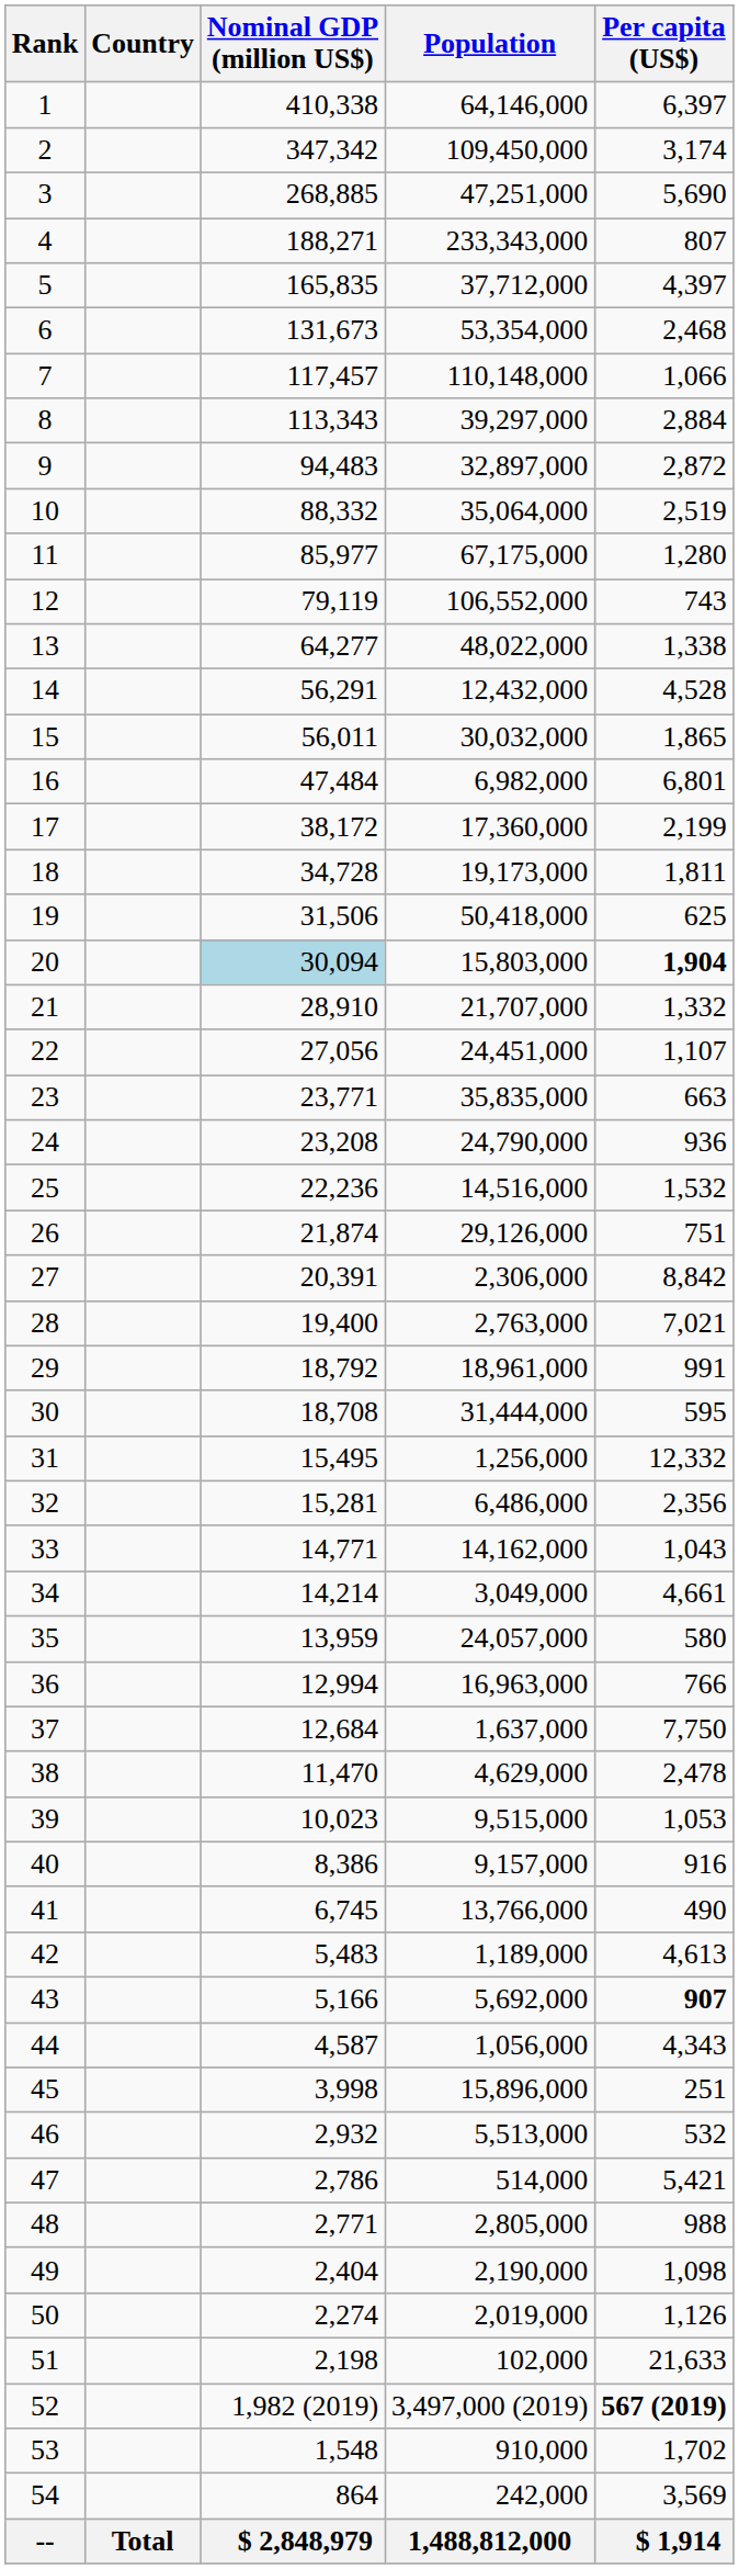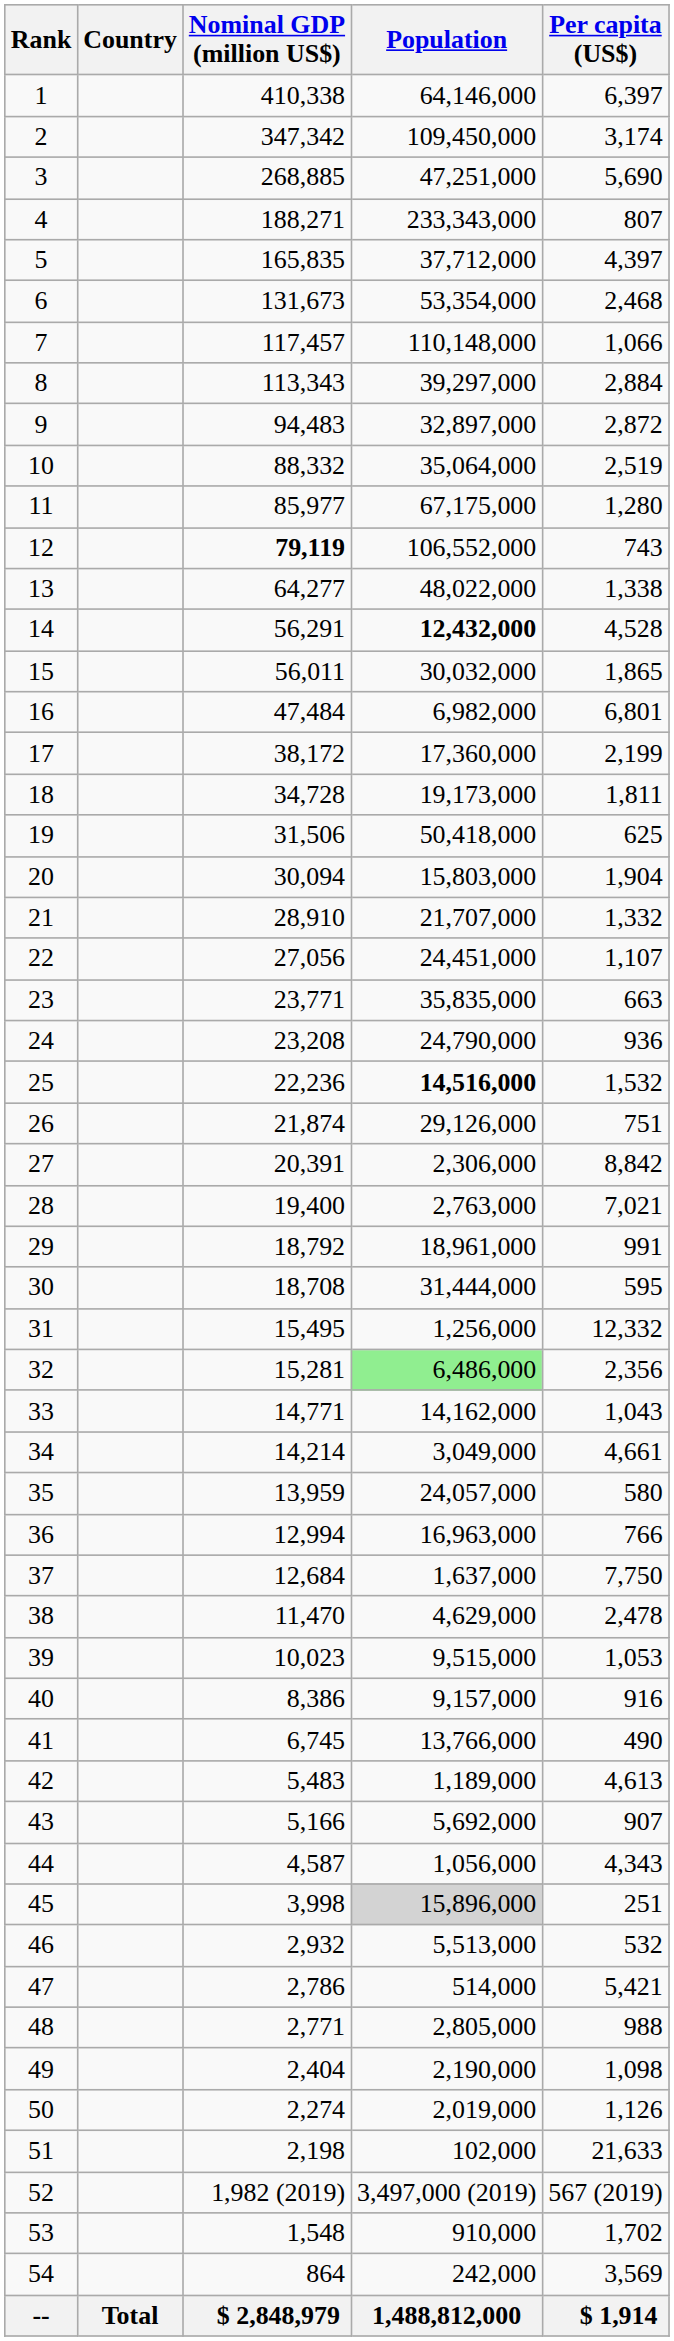 <table class="wikitable sortable" style="text-align:right;">
 <tr>
 <th>Rank</th>
 <th>Country</th>
 <th><a href='#'>Nominal GDP</a><br>(million US$)</th>
 <th><a href='#'>Population</a></th>
 <th><a href='#'>Per capita</a><br>(US$)</th>
 </tr>
 <tr>
 <td align="center">1</td>
 <td align="left"></td>
 <td>410,338</td>
 <td>64,146,000</td>
 <td>6,397</td>
 </tr>
 <tr>
 <td align="center">2</td>
 <td align="left"></td>
 <td>347,342</td>
 <td>109,450,000</td>
 <td>3,174</td>
 </tr>
 <tr>
 <td align="center">3</td>
 <td align="left"></td>
 <td>268,885</td>
 <td>47,251,000</td>
 <td>5,690</td>
 </tr>
 <tr>
 <td align="center">4</td>
 <td align="left"></td>
 <td>188,271</td>
 <td>233,343,000</td>
 <td>807</td>
 </tr>
 <tr>
 <td align="center">5</td>
 <td align="left"></td>
 <td>165,835</td>
 <td>37,712,000</td>
 <td>4,397</td>
 </tr>
 <tr>
 <td align="center">6</td>
 <td align="left"></td>
 <td>131,673</td>
 <td>53,354,000</td>
 <td>2,468</td>
 </tr>
 <tr>
 <td align="center">7</td>
 <td align="left"></td>
 <td>117,457</td>
 <td>110,148,000</td>
 <td>1,066</td>
 </tr>
 <tr>
 <td align="center">8</td>
 <td align="left"></td>
 <td>113,343</td>
 <td>39,297,000</td>
 <td>2,884</td>
 </tr>
 <tr>
 <td align="center">9</td>
 <td align="left"></td>
 <td>94,483</td>
 <td>32,897,000</td>
 <td>2,872</td>
 </tr>
 <tr>
 <td align="center">10</td>
 <td align="left"></td>
 <td>88,332</td>
 <td>35,064,000</td>
 <td>2,519</td>
 </tr>
 <tr>
 <td align="center">11</td>
 <td align="left"></td>
 <td>85,977</td>
 <td>67,175,000</td>
 <td>1,280</td>
 </tr>
 <tr>
 <td align="center">12</td>
 <td align="left"></td>
-<td>79,119</td>
+<td><strong>79,119</strong></td>
 <td>106,552,000</td>
 <td>743</td>
 </tr>
 <tr>
 <td align="center">13</td>
 <td align="left"></td>
 <td>64,277</td>
 <td>48,022,000</td>
 <td>1,338</td>
 </tr>
 <tr>
 <td align="center">14</td>
 <td align="left"></td>
 <td>56,291</td>
-<td>12,432,000</td>
+<td><strong>12,432,000</strong></td>
 <td>4,528</td>
 </tr>
 <tr>
 <td align="center">15</td>
 <td align="left"></td>
 <td>56,011</td>
 <td>30,032,000</td>
 <td>1,865</td>
 </tr>
 <tr>
 <td align="center">16</td>
 <td align="left"></td>
 <td>47,484</td>
 <td>6,982,000</td>
 <td>6,801</td>
 </tr>
 <tr>
 <td align="center">17</td>
 <td align="left"></td>
 <td>38,172</td>
 <td>17,360,000</td>
 <td>2,199</td>
 </tr>
 <tr>
 <td align="center">18</td>
 <td align="left"></td>
 <td>34,728</td>
 <td>19,173,000</td>
 <td>1,811</td>
 </tr>
 <tr>
 <td align="center">19</td>
 <td align="left"></td>
 <td>31,506</td>
 <td>50,418,000</td>
 <td>625</td>
 </tr>
 <tr>
 <td align="center">20</td>
 <td align="left"></td>
-<td style="background: lightblue;">30,094</td>
+<td>30,094</td>
 <td>15,803,000</td>
-<td><strong>1,904</strong></td>
+<td>1,904</td>
 </tr>
 <tr>
 <td align="center">21</td>
 <td align="left"></td>
 <td>28,910</td>
 <td>21,707,000</td>
 <td>1,332</td>
 </tr>
 <tr>
 <td align="center">22</td>
 <td align="left"></td>
 <td>27,056</td>
 <td>24,451,000</td>
 <td>1,107</td>
 </tr>
 <tr>
 <td align="center">23</td>
 <td align="left"></td>
 <td>23,771</td>
 <td>35,835,000</td>
 <td>663</td>
 </tr>
 <tr>
 <td align="center">24</td>
 <td align="left"></td>
 <td>23,208</td>
 <td>24,790,000</td>
 <td>936</td>
 </tr>
 <tr>
 <td align="center">25</td>
 <td align="left"></td>
 <td>22,236</td>
-<td>14,516,000</td>
+<td><strong>14,516,000</strong></td>
 <td>1,532</td>
 </tr>
 <tr>
 <td align="center">26</td>
 <td align="left"></td>
 <td>21,874</td>
 <td>29,126,000</td>
 <td>751</td>
 </tr>
 <tr>
 <td align="center">27</td>
 <td align="left"></td>
 <td>20,391</td>
 <td>2,306,000</td>
 <td>8,842</td>
 </tr>
 <tr>
 <td align="center">28</td>
 <td align="left"></td>
 <td>19,400</td>
 <td>2,763,000</td>
 <td>7,021</td>
 </tr>
 <tr>
 <td align="center">29</td>
 <td align="left"></td>
 <td>18,792</td>
 <td>18,961,000</td>
 <td>991</td>
 </tr>
 <tr>
 <td align="center">30</td>
 <td align="left"></td>
 <td>18,708</td>
 <td>31,444,000</td>
 <td>595</td>
 </tr>
 <tr>
 <td align="center">31</td>
 <td align="left"></td>
 <td>15,495</td>
 <td>1,256,000</td>
 <td>12,332</td>
 </tr>
 <tr>
 <td align="center">32</td>
 <td align="left"></td>
 <td>15,281</td>
-<td>6,486,000</td>
+<td style="background: lightgreen;">6,486,000</td>
 <td>2,356</td>
 </tr>
 <tr>
 <td align="center">33</td>
 <td align="left"></td>
 <td>14,771</td>
 <td>14,162,000</td>
 <td>1,043</td>
 </tr>
 <tr>
 <td align="center">34</td>
 <td align="left"></td>
 <td>14,214</td>
 <td>3,049,000</td>
 <td>4,661</td>
 </tr>
 <tr>
 <td align="center">35</td>
 <td align="left"></td>
 <td>13,959</td>
 <td>24,057,000</td>
 <td>580</td>
 </tr>
 <tr>
 <td align="center">36</td>
 <td align="left"></td>
 <td>12,994</td>
 <td>16,963,000</td>
 <td>766</td>
 </tr>
 <tr>
 <td align="center">37</td>
 <td align="left"></td>
 <td>12,684</td>
 <td>1,637,000</td>
 <td>7,750</td>
 </tr>
 <tr>
 <td align="center">38</td>
 <td align="left"></td>
 <td>11,470</td>
 <td>4,629,000</td>
 <td>2,478</td>
 </tr>
 <tr>
 <td align="center">39</td>
 <td align="left"></td>
 <td>10,023</td>
 <td>9,515,000</td>
 <td>1,053</td>
 </tr>
 <tr>
 <td align="center">40</td>
 <td align="left"></td>
 <td>8,386</td>
 <td>9,157,000</td>
 <td>916</td>
 </tr>
 <tr>
 <td align="center">41</td>
 <td align="left"></td>
 <td>6,745</td>
 <td>13,766,000</td>
 <td>490</td>
 </tr>
 <tr>
 <td align="center">42</td>
 <td align="left"></td>
 <td>5,483</td>
 <td>1,189,000</td>
 <td>4,613</td>
 </tr>
 <tr>
 <td align="center">43</td>
 <td align="left"></td>
 <td>5,166</td>
 <td>5,692,000</td>
-<td><strong>907</strong></td>
+<td>907</td>
 </tr>
 <tr>
 <td align="center">44</td>
 <td align="left"></td>
 <td>4,587</td>
 <td>1,056,000</td>
 <td>4,343</td>
 </tr>
 <tr>
 <td align="center">45</td>
 <td align="left"></td>
 <td>3,998</td>
-<td>15,896,000</td>
+<td style="background: lightgrey;">15,896,000</td>
 <td>251</td>
 </tr>
 <tr>
 <td align="center">46</td>
 <td align="left"></td>
 <td>2,932</td>
 <td>5,513,000</td>
 <td>532</td>
 </tr>
 <tr>
 <td align="center">47</td>
 <td align="left"></td>
 <td>2,786</td>
 <td>514,000</td>
 <td>5,421</td>
 </tr>
 <tr>
 <td align="center">48</td>
 <td align="left"></td>
 <td>2,771</td>
 <td>2,805,000</td>
 <td>988</td>
 </tr>
 <tr>
 <td align="center">49</td>
 <td align="left"></td>
 <td>2,404</td>
 <td>2,190,000</td>
 <td>1,098</td>
 </tr>
 <tr>
 <td align="center">50</td>
 <td align="left"></td>
 <td>2,274</td>
 <td>2,019,000</td>
 <td>1,126</td>
 </tr>
 <tr>
 <td align="center">51</td>
 <td align="left"></td>
 <td>2,198</td>
 <td>102,000</td>
 <td>21,633</td>
 </tr>
 <tr>
 <td align="center">52</td>
 <td align="left"></td>
 <td>1,982 (2019)</td>
 <td>3,497,000 (2019)</td>
-<td><strong>567 (2019)</strong></td>
+<td>567 (2019)</td>
 </tr>
 <tr>
 <td align="center">53</td>
 <td align="left"></td>
 <td>1,548</td>
 <td>910,000</td>
 <td>1,702</td>
 </tr>
 <tr>
 <td align="center">54</td>
 <td align="left"></td>
 <td>864</td>
 <td>242,000</td>
 <td>3,569</td>
 </tr>
 <tr>
 <th align="center">--</th>
 <th align="left">Total</th>
 <th align="right" style="text-align:right;padding-right:0.4em;">$ 2,848,979</th>
 <th>1,488,812,000</th>
 <th align="right" style="text-align:right;padding-right:0.4em;">$ 1,914</th>
 </tr>
 </table>
